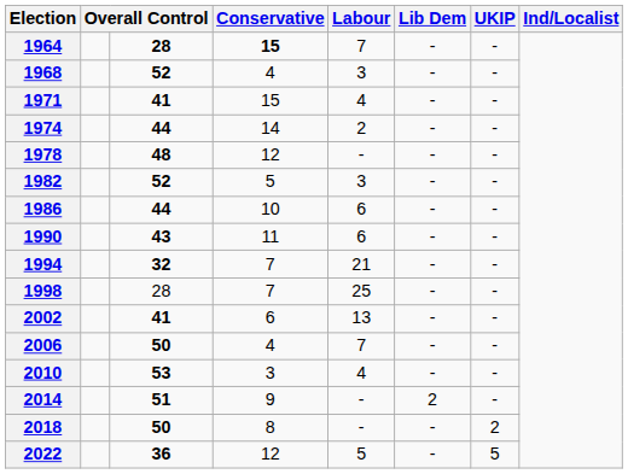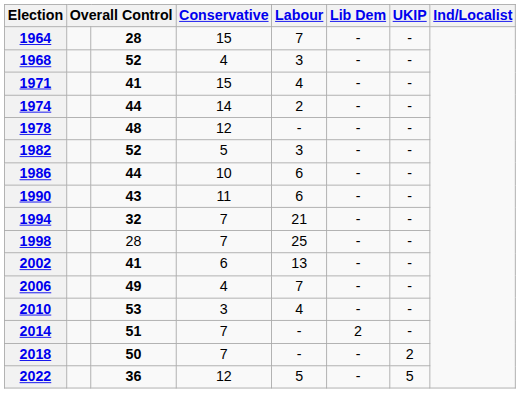 <table class="wikitable">
 <tr>
 <th>Election</th>
 <th colspan=2>Overall Control</th>
 <th><a href='#'>Conservative</a></th>
 <th><a href='#'>Labour</a></th>
 <th><a href='#'>Lib Dem</a></th>
 <th><a href='#'>UKIP</a></th>
 <th><a href='#'>Ind/Localist</a></th>
 </tr>
 <tr>
 <th><a href='#'>1964</a></th>
 <td></td>
 <td style="text-align: center;"><strong>28</strong></td>
-<td style="text-align: center;"><strong>15</strong></td>
+<td style="text-align: center;">15</td>
 <td style="text-align: center;">7</td>
 <td style="text-align: center;">-</td>
 <td style="text-align: center;">-</td>
 </tr>
 <tr>
 <th><a href='#'>1968</a></th>
 <td></td>
 <td style="text-align: center;"><strong>52</strong></td>
 <td style="text-align: center;">4</td>
 <td style="text-align: center;">3</td>
 <td style="text-align: center;">-</td>
 <td style="text-align: center;">-</td>
 </tr>
 <tr>
 <th><a href='#'>1971</a></th>
 <td></td>
 <td style="text-align: center;"><strong>41</strong></td>
 <td style="text-align: center;">15</td>
 <td style="text-align: center;">4</td>
 <td style="text-align: center;">-</td>
 <td style="text-align: center;">-</td>
 </tr>
 <tr>
 <th><a href='#'>1974</a></th>
 <td></td>
 <td style="text-align: center;"><strong>44</strong></td>
 <td style="text-align: center;">14</td>
 <td style="text-align: center;">2</td>
 <td style="text-align: center;">-</td>
 <td style="text-align: center;">-</td>
 </tr>
 <tr>
 <th><a href='#'>1978</a></th>
 <td></td>
 <td style="text-align: center;"><strong>48</strong></td>
 <td style="text-align: center;">12</td>
 <td style="text-align: center;">-</td>
 <td style="text-align: center;">-</td>
 <td style="text-align: center;">-</td>
 </tr>
 <tr>
 <th><a href='#'>1982</a></th>
 <td></td>
 <td style="text-align: center;"><strong>52</strong></td>
 <td style="text-align: center;">5</td>
 <td style="text-align: center;">3</td>
 <td style="text-align: center;">-</td>
 <td style="text-align: center;">-</td>
 </tr>
 <tr>
 <th><a href='#'>1986</a></th>
 <td></td>
 <td style="text-align: center;"><strong>44</strong></td>
 <td style="text-align: center;">10</td>
 <td style="text-align: center;">6</td>
 <td style="text-align: center;">-</td>
 <td style="text-align: center;">-</td>
 </tr>
 <tr>
 <th><a href='#'>1990</a></th>
 <td></td>
 <td style="text-align: center;"><strong>43</strong></td>
 <td style="text-align: center;">11</td>
 <td style="text-align: center;">6</td>
 <td style="text-align: center;">-</td>
 <td style="text-align: center;">-</td>
 </tr>
 <tr>
 <th><a href='#'>1994</a></th>
 <td></td>
 <td style="text-align: center;"><strong>32</strong></td>
 <td style="text-align: center;">7</td>
 <td style="text-align: center;">21</td>
 <td style="text-align: center;">-</td>
 <td style="text-align: center;">-</td>
 </tr>
 <tr>
 <th><a href='#'>1998</a></th>
 <td></td>
 <td style="text-align: center;">28</td>
 <td style="text-align: center;">7</td>
 <td style="text-align: center;">25</td>
 <td style="text-align: center;">-</td>
 <td style="text-align: center;">-</td>
 </tr>
 <tr>
 <th><a href='#'>2002</a></th>
 <td></td>
 <td style="text-align: center;"><strong>41</strong></td>
 <td style="text-align: center;">6</td>
 <td style="text-align: center;">13</td>
 <td style="text-align: center;">-</td>
 <td style="text-align: center;">-</td>
 </tr>
 <tr>
 <th><a href='#'>2006</a></th>
 <td></td>
-<td style="text-align: center;"><strong>50</strong></td>
+<td style="text-align: center;"><strong>49</strong></td>
 <td style="text-align: center;">4</td>
 <td style="text-align: center;">7</td>
 <td style="text-align: center;">-</td>
 <td style="text-align: center;">-</td>
 </tr>
 <tr>
 <th><a href='#'>2010</a></th>
 <td></td>
 <td style="text-align: center;"><strong>53</strong></td>
 <td style="text-align: center;">3</td>
 <td style="text-align: center;">4</td>
 <td style="text-align: center;">-</td>
 <td style="text-align: center;">-</td>
 </tr>
 <tr>
 <th><a href='#'>2014</a></th>
 <td></td>
 <td style="text-align: center;"><strong>51</strong></td>
-<td style="text-align: center;">9</td>
+<td style="text-align: center;">7</td>
 <td style="text-align: center;">-</td>
 <td style="text-align: center;">2</td>
 <td style="text-align: center;">-</td>
 </tr>
 <tr>
 <th><a href='#'>2018</a></th>
 <td></td>
 <td style="text-align: center;"><strong>50</strong></td>
-<td style="text-align: center;">8</td>
+<td style="text-align: center;">7</td>
 <td style="text-align: center;">-</td>
 <td style="text-align: center;">-</td>
 <td style="text-align: center;">2</td>
 </tr>
 <tr>
 <th><a href='#'>2022</a></th>
 <td></td>
 <td style="text-align: center;"><strong>36</strong></td>
 <td style="text-align: center;">12</td>
 <td style="text-align: center;">5</td>
 <td style="text-align: center;">-</td>
 <td style="text-align: center;">5</td>
 </tr>
 </table>
